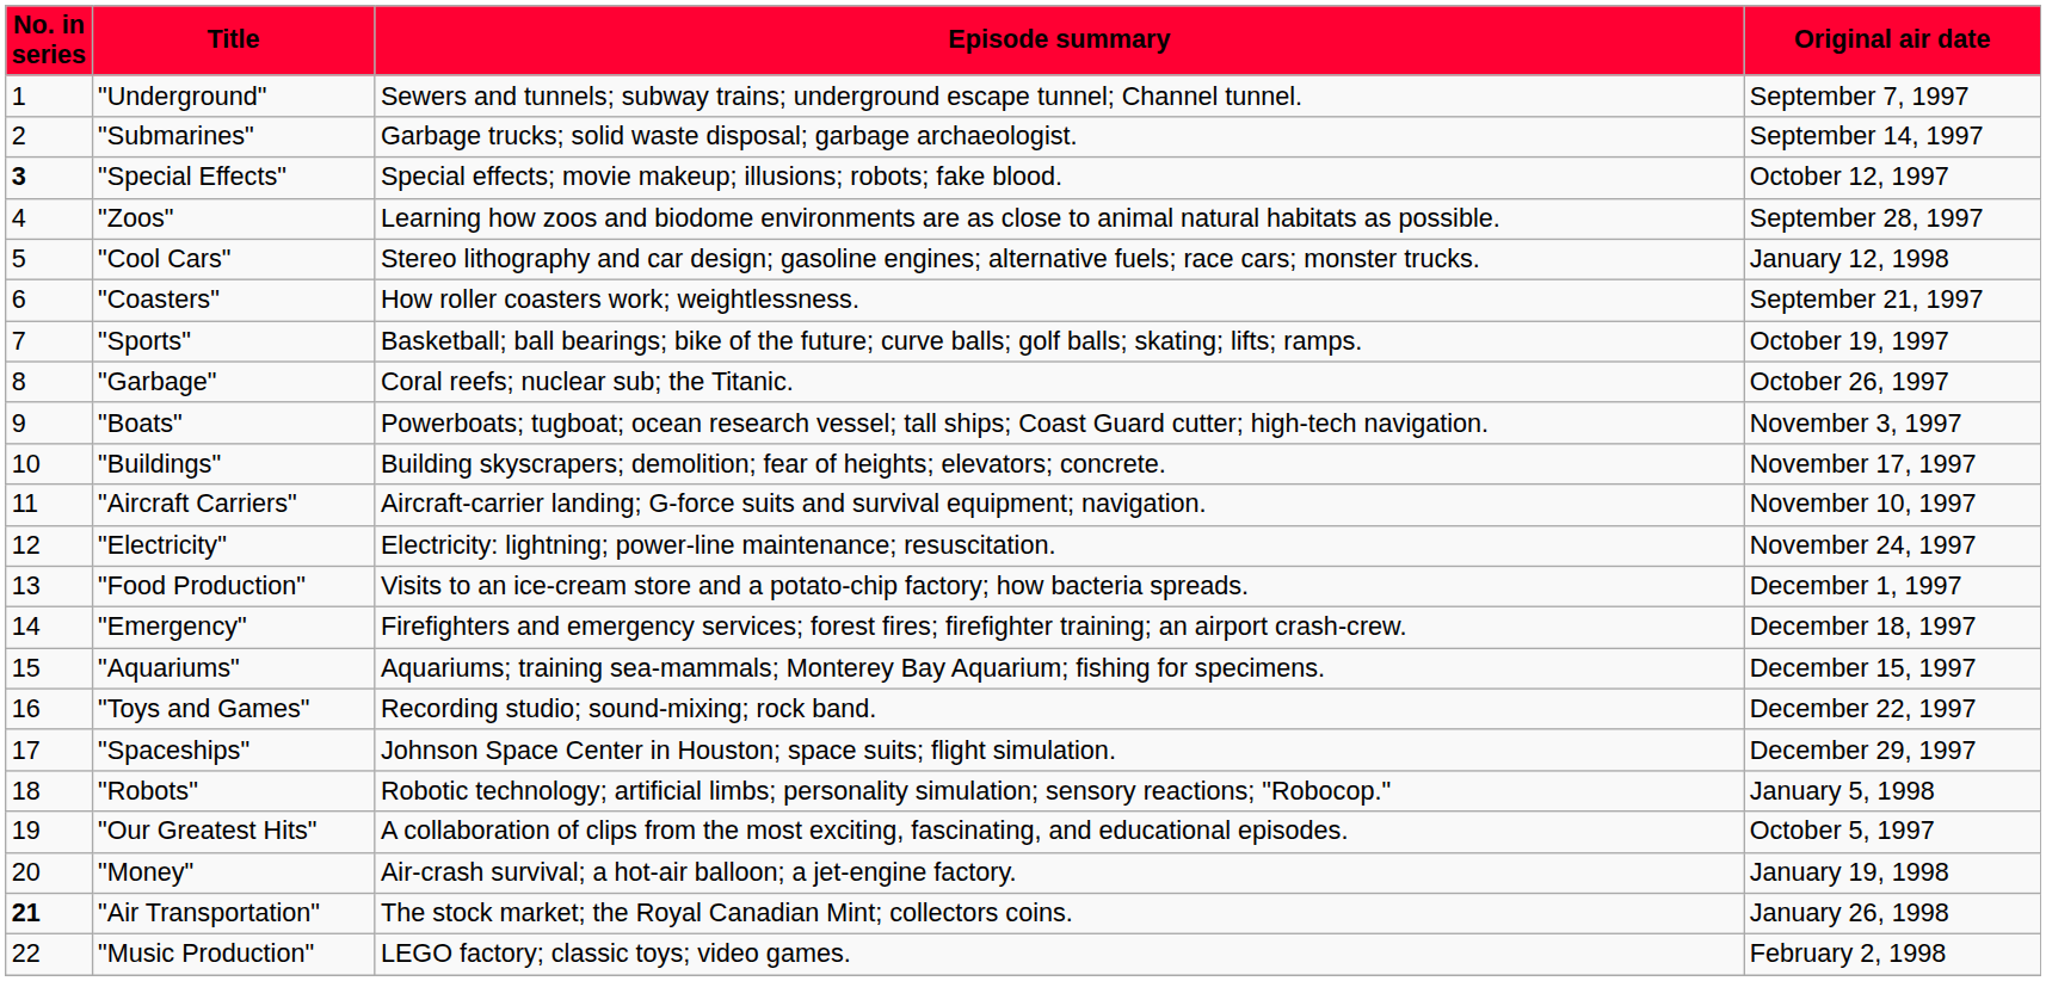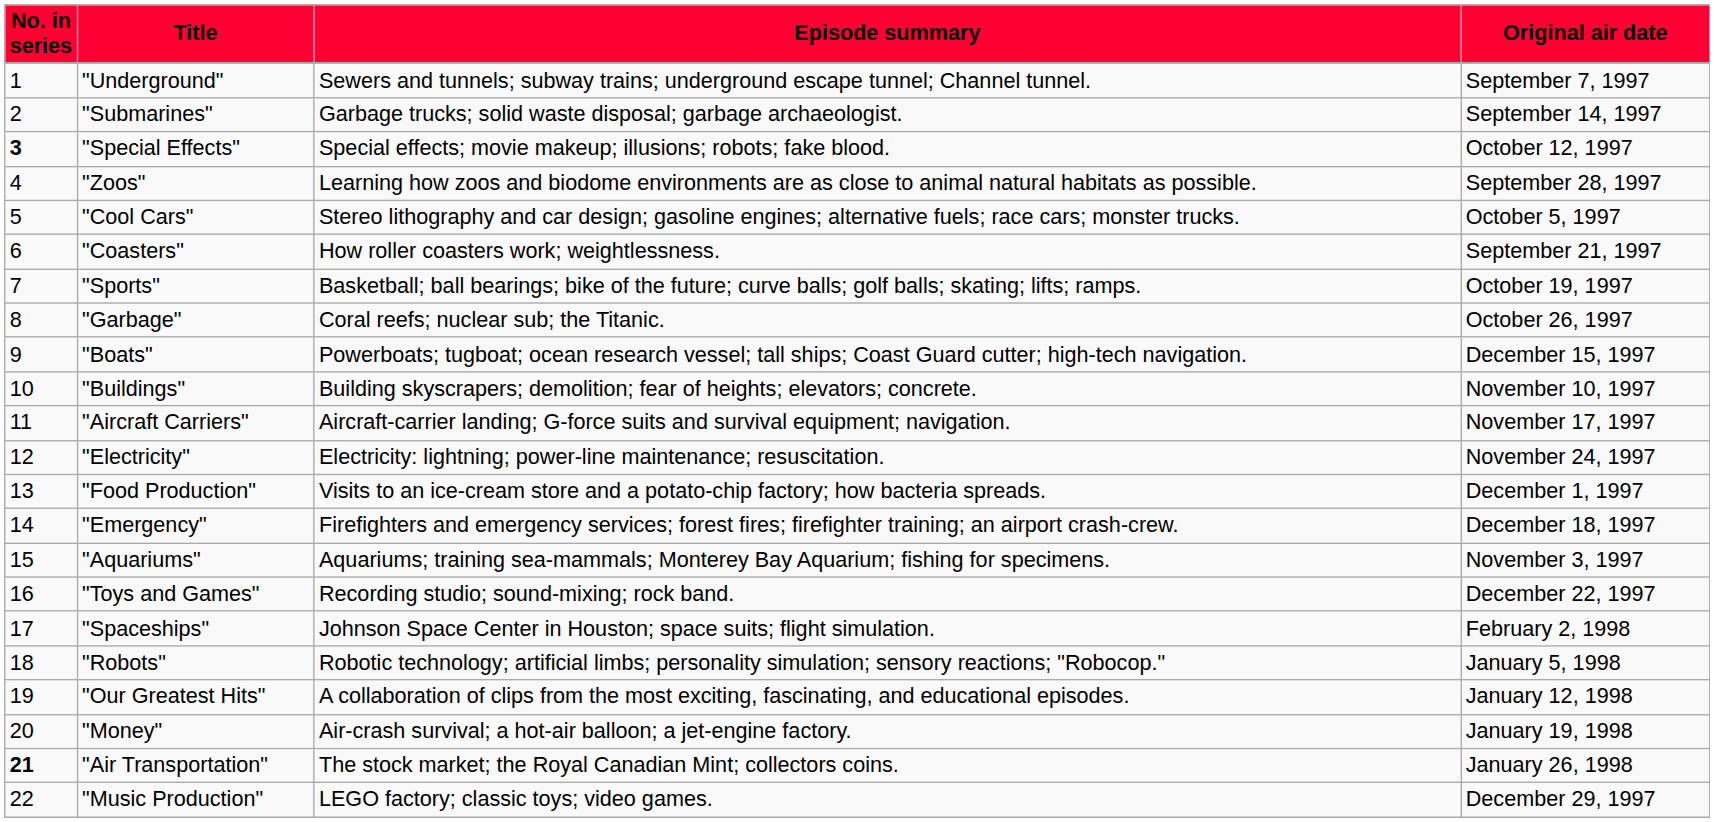 <table class="wikitable" width="100%">
 <tr>
 <th style="background-color:#FF0033" width="12em">No. in series</th>
 <th style="background-color:#FF0033">Title</th>
 <th style="background-color:#FF0033">Episode summary</th>
 <th style="background-color:#FF0033">Original air date</th>
 </tr>
 <tr>
 <td>1</td>
 <td>"Underground"</td>
 <td>Sewers and tunnels; subway trains; underground escape tunnel; Channel tunnel.</td>
 <td>September 7, 1997</td>
 </tr>
 <tr>
 <td>2</td>
 <td>"Submarines"</td>
 <td>Garbage trucks; solid waste disposal; garbage archaeologist.</td>
 <td>September 14, 1997</td>
 </tr>
 <tr>
 <td><strong>3</strong></td>
 <td>"Special Effects"</td>
 <td>Special effects; movie makeup; illusions; robots; fake blood.</td>
 <td>October 12, 1997</td>
 </tr>
 <tr>
 <td>4</td>
 <td>"Zoos"</td>
 <td>Learning how zoos and biodome environments are as close to animal natural habitats as possible.</td>
 <td>September 28, 1997</td>
 </tr>
 <tr>
 <td>5</td>
 <td>"Cool Cars"</td>
 <td>Stereo lithography and car design; gasoline engines; alternative fuels; race cars; monster trucks.</td>
-<td>January 12, 1998</td>
+<td>October 5, 1997</td>
 </tr>
 <tr>
 <td>6</td>
 <td>"Coasters"</td>
 <td>How roller coasters work; weightlessness.</td>
 <td>September 21, 1997</td>
 </tr>
 <tr>
 <td>7</td>
 <td>"Sports"</td>
 <td>Basketball; ball bearings; bike of the future; curve balls; golf balls; skating; lifts; ramps.</td>
 <td>October 19, 1997</td>
 </tr>
 <tr>
 <td>8</td>
 <td>"Garbage"</td>
 <td>Coral reefs; nuclear sub; the Titanic.</td>
 <td>October 26, 1997</td>
 </tr>
 <tr>
 <td>9</td>
 <td>"Boats"</td>
 <td>Powerboats; tugboat; ocean research vessel; tall ships; Coast Guard cutter; high-tech navigation.</td>
-<td>November 3, 1997</td>
+<td>December 15, 1997</td>
 </tr>
 <tr>
 <td>10</td>
 <td>"Buildings"</td>
 <td>Building skyscrapers; demolition; fear of heights; elevators; concrete.</td>
-<td>November 17, 1997</td>
+<td>November 10, 1997</td>
 </tr>
 <tr>
 <td>11</td>
 <td>"Aircraft Carriers"</td>
 <td>Aircraft-carrier landing; G-force suits and survival equipment; navigation.</td>
-<td>November 10, 1997</td>
+<td>November 17, 1997</td>
 </tr>
 <tr>
 <td>12</td>
 <td>"Electricity"</td>
 <td>Electricity: lightning; power-line maintenance; resuscitation.</td>
 <td>November 24, 1997</td>
 </tr>
 <tr>
 <td>13</td>
 <td>"Food Production"</td>
 <td>Visits to an ice-cream store and a potato-chip factory; how bacteria spreads.</td>
 <td>December 1, 1997</td>
 </tr>
 <tr>
 <td>14</td>
 <td>"Emergency"</td>
 <td>Firefighters and emergency services; forest fires; firefighter training; an airport crash-crew.</td>
 <td>December 18, 1997</td>
 </tr>
 <tr>
 <td>15</td>
 <td>"Aquariums"</td>
 <td>Aquariums; training sea-mammals; Monterey Bay Aquarium; fishing for specimens.</td>
-<td>December 15, 1997</td>
+<td>November 3, 1997</td>
 </tr>
 <tr>
 <td>16</td>
 <td>"Toys and Games"</td>
 <td>Recording studio; sound-mixing; rock band.</td>
 <td>December 22, 1997</td>
 </tr>
 <tr>
 <td>17</td>
 <td>"Spaceships"</td>
 <td>Johnson Space Center in Houston; space suits; flight simulation.</td>
-<td>December 29, 1997</td>
+<td>February 2, 1998</td>
 </tr>
 <tr>
 <td>18</td>
 <td>"Robots"</td>
 <td>Robotic technology; artificial limbs; personality simulation; sensory reactions; "Robocop."</td>
 <td>January 5, 1998</td>
 </tr>
 <tr>
 <td>19</td>
 <td>"Our Greatest Hits"</td>
 <td>A collaboration of clips from the most exciting, fascinating, and educational episodes.</td>
-<td>October 5, 1997</td>
+<td>January 12, 1998</td>
 </tr>
 <tr>
 <td>20</td>
 <td>"Money"</td>
 <td>Air-crash survival; a hot-air balloon; a jet-engine factory.</td>
 <td>January 19, 1998</td>
 </tr>
 <tr>
 <td><strong>21</strong></td>
 <td>"Air Transportation"</td>
 <td>The stock market; the Royal Canadian Mint; collectors coins.</td>
 <td>January 26, 1998</td>
 </tr>
 <tr>
 <td>22</td>
 <td>"Music Production"</td>
 <td>LEGO factory; classic toys; video games.</td>
-<td>February 2, 1998</td>
+<td>December 29, 1997</td>
 </tr>
 <tr>
 </tr>
 </table>
